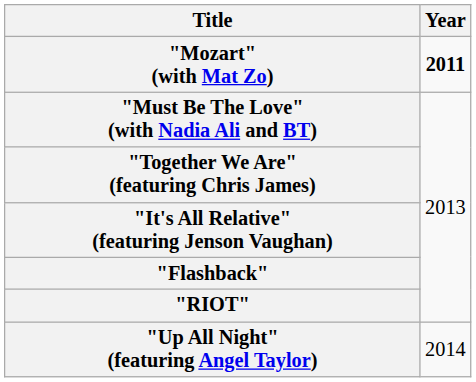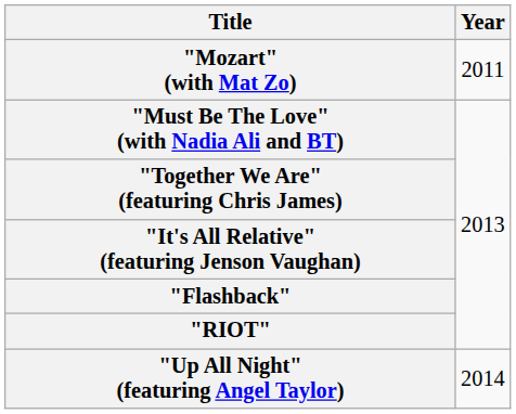 <table class="wikitable plainrowheaders" style="text-align:center;">
 <tr>
 <th scope="col" style="width:20em;">Title</th>
 <th scope="col">Year</th>
 </tr>
 <tr>
 <th scope="row">"Mozart" <br><span>(with <a href='#'>Mat Zo</a>)</span></th>
-<td rowspan="1" align="center"><strong>2011</strong></td>
+<td rowspan="1" align="center">2011</td>
 </tr>
 <tr>
 <th scope="row">"Must Be The Love" <br><span>(with <a href='#'>Nadia Ali</a> and <a href='#'>BT</a>)</span></th>
 <td rowspan="5" align="center">2013</td>
 </tr>
 <tr>
 <th scope="row">"Together We Are" <br><span>(featuring Chris James)</span></th>
 </tr>
 <tr>
 <th scope="row">"It's All Relative" <br><span>(featuring Jenson Vaughan)</span></th>
 </tr>
 <tr>
 <th scope="row">"Flashback"</th>
 </tr>
 <tr>
 <th scope="row">"RIOT"</th>
 </tr>
 <tr>
 <th scope="row">"Up All Night" <br><span>(featuring <a href='#'>Angel Taylor</a>)</span></th>
 <td>2014</td>
 </tr>
 </table>
